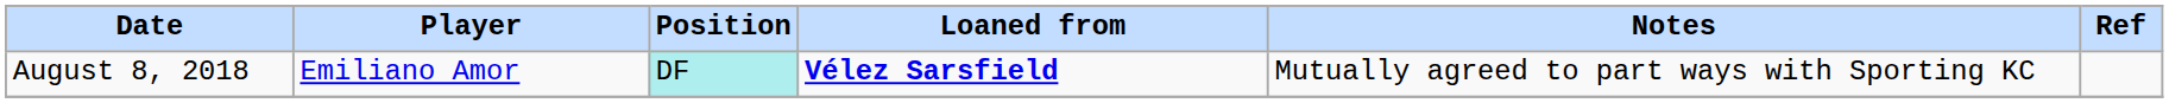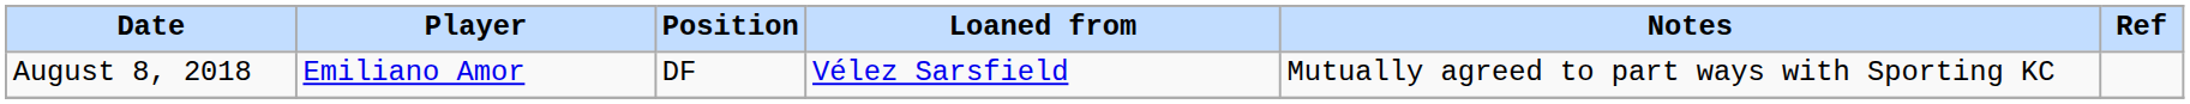 <table class="wikitable" style="text-align:left; font-size:95%;">
 <tr>
 <th style="background:#c2ddff; width:120px;">Date</th>
 <th style="background:#c2ddff; width:150px;">Player</th>
 <th style="background:#c2ddff; width:50px;">Position</th>
 <th style="background:#c2ddff; width:200px;">Loaned from</th>
 <th style="background:#c2ddff; width:350px;">Notes</th>
 <th style="background:#c2ddff; width:30px;">Ref</th>
 </tr>
 <tr>
 <td>August 8, 2018</td>
 <td> <a href='#'>Emiliano Amor</a></td>
-<td style="background: paleturquoise;">DF</td>
-<td><strong><a href='#'>Vélez Sarsfield</a></strong></td>
+<td>DF</td>
+<td><a href='#'>Vélez Sarsfield</a></td>
 <td>Mutually agreed to part ways with Sporting KC</td>
 <td></td>
 </tr>
 <tr>
 </tr>
 </table>
